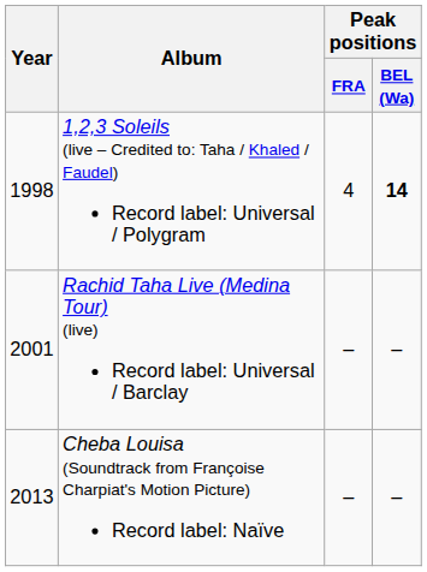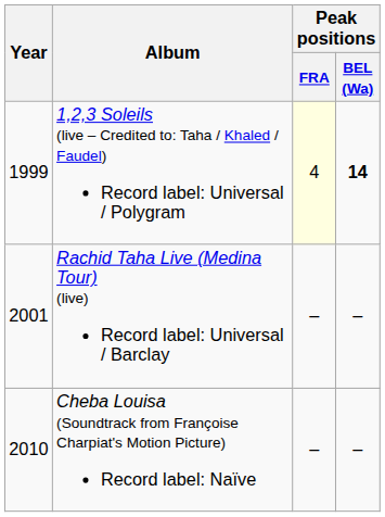 <table class="wikitable">
 <tr>
 <th rowspan="2" style="text-align:center; width:10px;">Year</th>
 <th rowspan="2" style="text-align:center; width:210px;">Album</th>
 <th colspan="2" style="text-align:center; width:30px;">Peak positions</th>
 </tr>
 <tr>
 <th width="20"><small><a href='#'>FRA</a><br></small></th>
 <th width="20"><small><a href='#'>BEL <br>(Wa)</a><br></small></th>
 </tr>
 <tr>
-<td style="text-align:center;">1998</td>
+<td style="text-align:center;">1999</td>
 <td><em><a href='#'>1,2,3 Soleils</a></em> <br><small>(live – Credited to: Taha / <a href='#'>Khaled</a> / <a href='#'>Faudel</a>)</small><br><ul><li>Record label: Universal / Polygram</li></ul></td>
-<td style="text-align:center;">4</td>
+<td style="background: lightyellow; text-align:center;">4</td>
 <td style="text-align:center;"><strong>14</strong></td>
 </tr>
 <tr>
 <td style="text-align:center;">2001</td>
 <td><em><a href='#'>Rachid Taha Live (Medina Tour)</a></em> <br><small>(live)</small><br><ul><li>Record label: Universal / Barclay</li></ul></td>
 <td style="text-align:center;">–</td>
 <td style="text-align:center;">–</td>
 </tr>
 <tr>
-<td style="text-align:center;">2013</td>
+<td style="text-align:center;">2010</td>
 <td><em>Cheba Louisa</em> <br><small>(Soundtrack from Françoise Charpiat's Motion Picture)</small><br><ul><li>Record label: Naïve</li></ul></td>
 <td style="text-align:center;">–</td>
 <td style="text-align:center;">–</td>
 </tr>
 </table>
